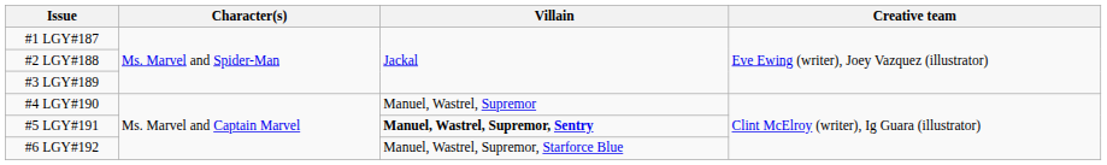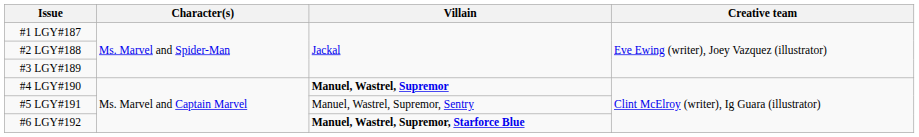 <table class="wikitable" style="width:100%;">
 <tr>
 <th>Issue</th>
 <th>Character(s)</th>
 <th>Villain</th>
 <th>Creative team</th>
 </tr>
 <tr>
 <td style="text-align:center;">#1 LGY#187</td>
 <td rowspan="3"><a href='#'>Ms. Marvel</a> and <a href='#'>Spider-Man</a></td>
 <td rowspan="3"><a href='#'>Jackal</a></td>
 <td rowspan="3"><a href='#'>Eve Ewing</a> (writer), Joey Vazquez (illustrator)</td>
 </tr>
 <tr>
 <td style="text-align:center;">#2 LGY#188</td>
 </tr>
 <tr>
 <td style="text-align:center;">#3 LGY#189</td>
 </tr>
 <tr>
 <td style="text-align:center;">#4 LGY#190</td>
 <td rowspan="3">Ms. Marvel and <a href='#'>Captain Marvel</a></td>
-<td>Manuel, Wastrel, <a href='#'>Supremor</a></td>
+<td><strong>Manuel, Wastrel, <a href='#'>Supremor</a></strong></td>
 <td rowspan="3"><a href='#'>Clint McElroy</a> (writer), Ig Guara (illustrator)</td>
 </tr>
 <tr>
 <td style="text-align:center;">#5 LGY#191</td>
-<td><strong>Manuel, Wastrel, Supremor, <a href='#'>Sentry</a></strong></td>
+<td>Manuel, Wastrel, Supremor, <a href='#'>Sentry</a></td>
 </tr>
 <tr>
 <td style="text-align:center;">#6 LGY#192</td>
-<td>Manuel, Wastrel, Supremor, <a href='#'>Starforce Blue</a></td>
+<td><strong>Manuel, Wastrel, Supremor, <a href='#'>Starforce Blue</a></strong></td>
 </tr>
 </table>
